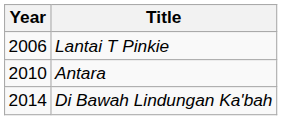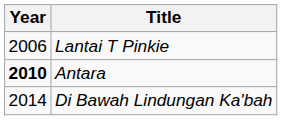 <table class="wikitable">
 <tr>
 <th>Year</th>
 <th>Title</th>
 </tr>
 <tr>
 <td>2006</td>
 <td><em>Lantai T Pinkie</em></td>
 </tr>
 <tr>
-<td>2010</td>
+<td><strong>2010</strong></td>
 <td><em>Antara</em></td>
 </tr>
 <tr>
 <td>2014</td>
 <td><em>Di Bawah Lindungan Ka'bah</em></td>
 </tr>
 </table>
